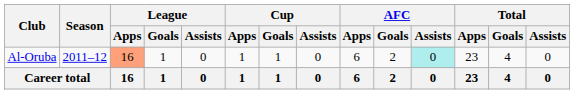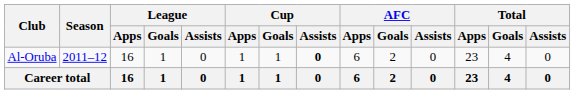 <table class="wikitable" style="font-size:90%; text-align:center;">
 <tr>
 <th rowspan="2">Club</th>
 <th rowspan="2">Season</th>
 <th colspan="3">League</th>
 <th colspan="3">Cup</th>
 <th colspan="3"><a href='#'>AFC</a></th>
 <th colspan="3">Total</th>
 </tr>
 <tr>
 <th>Apps</th>
 <th>Goals</th>
 <th>Assists</th>
 <th>Apps</th>
 <th>Goals</th>
 <th>Assists</th>
 <th>Apps</th>
 <th>Goals</th>
 <th>Assists</th>
 <th>Apps</th>
 <th>Goals</th>
 <th>Assists</th>
 </tr>
 <tr>
 <td rowspan="1"><a href='#'>Al-Oruba</a></td>
 <td><a href='#'>2011–12</a></td>
-<td style="background: lightsalmon;">16</td>
+<td>16</td>
 <td>1</td>
 <td>0</td>
 <td>1</td>
 <td>1</td>
-<td>0</td>
+<td><strong>0</strong></td>
 <td>6</td>
 <td>2</td>
-<td style="background: paleturquoise;">0</td>
+<td>0</td>
 <td>23</td>
 <td>4</td>
 <td>0</td>
 </tr>
 <tr>
 <th colspan="2">Career total</th>
 <th>16</th>
 <th>1</th>
 <th>0</th>
 <th>1</th>
 <th>1</th>
 <th>0</th>
 <th>6</th>
 <th>2</th>
 <th>0</th>
 <th>23</th>
 <th>4</th>
 <th>0</th>
 </tr>
 </table>
